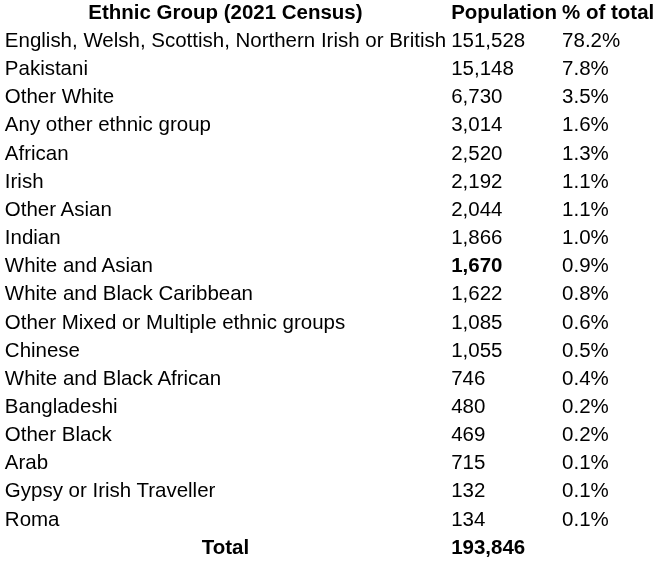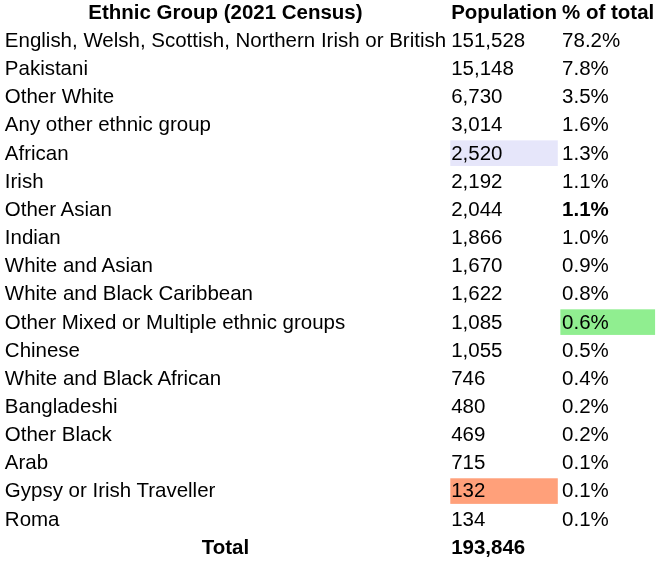 <table>
 <tr>
 <th>Ethnic Group (2021 Census)</th>
 <th>Population</th>
 <th>% of total</th>
 </tr>
 <tr>
 <td>English, Welsh, Scottish, Northern Irish or British</td>
 <td>151,528</td>
 <td>78.2%</td>
 </tr>
 <tr>
 <td>Pakistani</td>
 <td>15,148</td>
 <td>7.8%</td>
 </tr>
 <tr>
 <td>Other White</td>
 <td>6,730</td>
 <td>3.5%</td>
 </tr>
 <tr>
 <td>Any other ethnic group</td>
 <td>3,014</td>
 <td>1.6%</td>
 </tr>
 <tr>
 <td>African</td>
-<td>2,520</td>
+<td style="background: lavender;">2,520</td>
 <td>1.3%</td>
 </tr>
 <tr>
 <td>Irish</td>
 <td>2,192</td>
 <td>1.1%</td>
 </tr>
 <tr>
 <td>Other Asian</td>
 <td>2,044</td>
-<td>1.1%</td>
+<td><strong>1.1%</strong></td>
 </tr>
 <tr>
 <td>Indian</td>
 <td>1,866</td>
 <td>1.0%</td>
 </tr>
 <tr>
 <td>White and Asian</td>
-<td><strong>1,670</strong></td>
+<td>1,670</td>
 <td>0.9%</td>
 </tr>
 <tr>
 <td>White and Black Caribbean</td>
 <td>1,622</td>
 <td>0.8%</td>
 </tr>
 <tr>
 <td>Other Mixed or Multiple ethnic groups</td>
 <td>1,085</td>
-<td>0.6%</td>
+<td style="background: lightgreen;">0.6%</td>
 </tr>
 <tr>
 <td>Chinese</td>
 <td>1,055</td>
 <td>0.5%</td>
 </tr>
 <tr>
 <td>White and Black African</td>
 <td>746</td>
 <td>0.4%</td>
 </tr>
 <tr>
 <td>Bangladeshi</td>
 <td>480</td>
 <td>0.2%</td>
 </tr>
 <tr>
 <td>Other Black</td>
 <td>469</td>
 <td>0.2%</td>
 </tr>
 <tr>
 <td>Arab</td>
 <td>715</td>
 <td>0.1%</td>
 </tr>
 <tr>
 <td>Gypsy or Irish Traveller</td>
-<td>132</td>
+<td style="background: lightsalmon;">132</td>
 <td>0.1%</td>
 </tr>
 <tr>
 <td>Roma</td>
 <td>134</td>
 <td>0.1%</td>
 </tr>
 <tr>
 <th><strong>Total</strong></th>
 <td><strong>193,846</strong></td>
 <td></td>
 </tr>
 <tr>
 </tr>
 </table>
